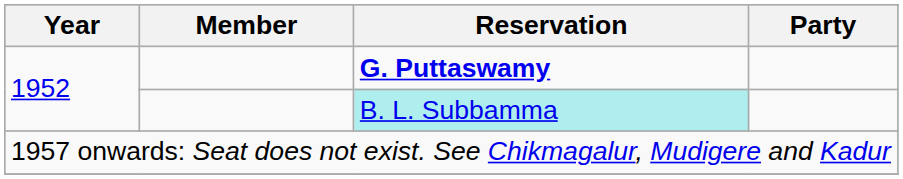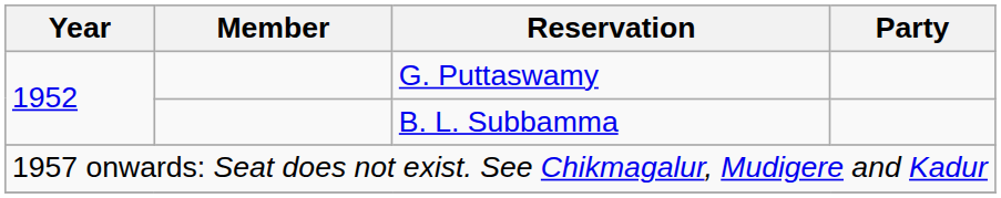 <table class="wikitable">
 <tr>
 <th>Year</th>
 <th>Member</th>
 <th>Reservation</th>
 <th colspan="2">Party</th>
 </tr>
 <tr>
 <td rowspan="2"><a href='#'>1952</a></td>
 <td align="center"></td>
-<td><strong><a href='#'>G. Puttaswamy</a></strong></td>
+<td><a href='#'>G. Puttaswamy</a></td>
 <td></td>
 </tr>
 <tr>
 <td align="center"></td>
-<td style="background: paleturquoise;"><a href='#'>B. L. Subbamma</a></td>
+<td><a href='#'>B. L. Subbamma</a></td>
 </tr>
 <tr>
 <td colspan="6" align="center">1957 onwards: <em>Seat does not exist. See <a href='#'>Chikmagalur</a>, <a href='#'>Mudigere</a> and <a href='#'>Kadur</a></em></td>
 </tr>
 <tr>
 </tr>
 </table>
